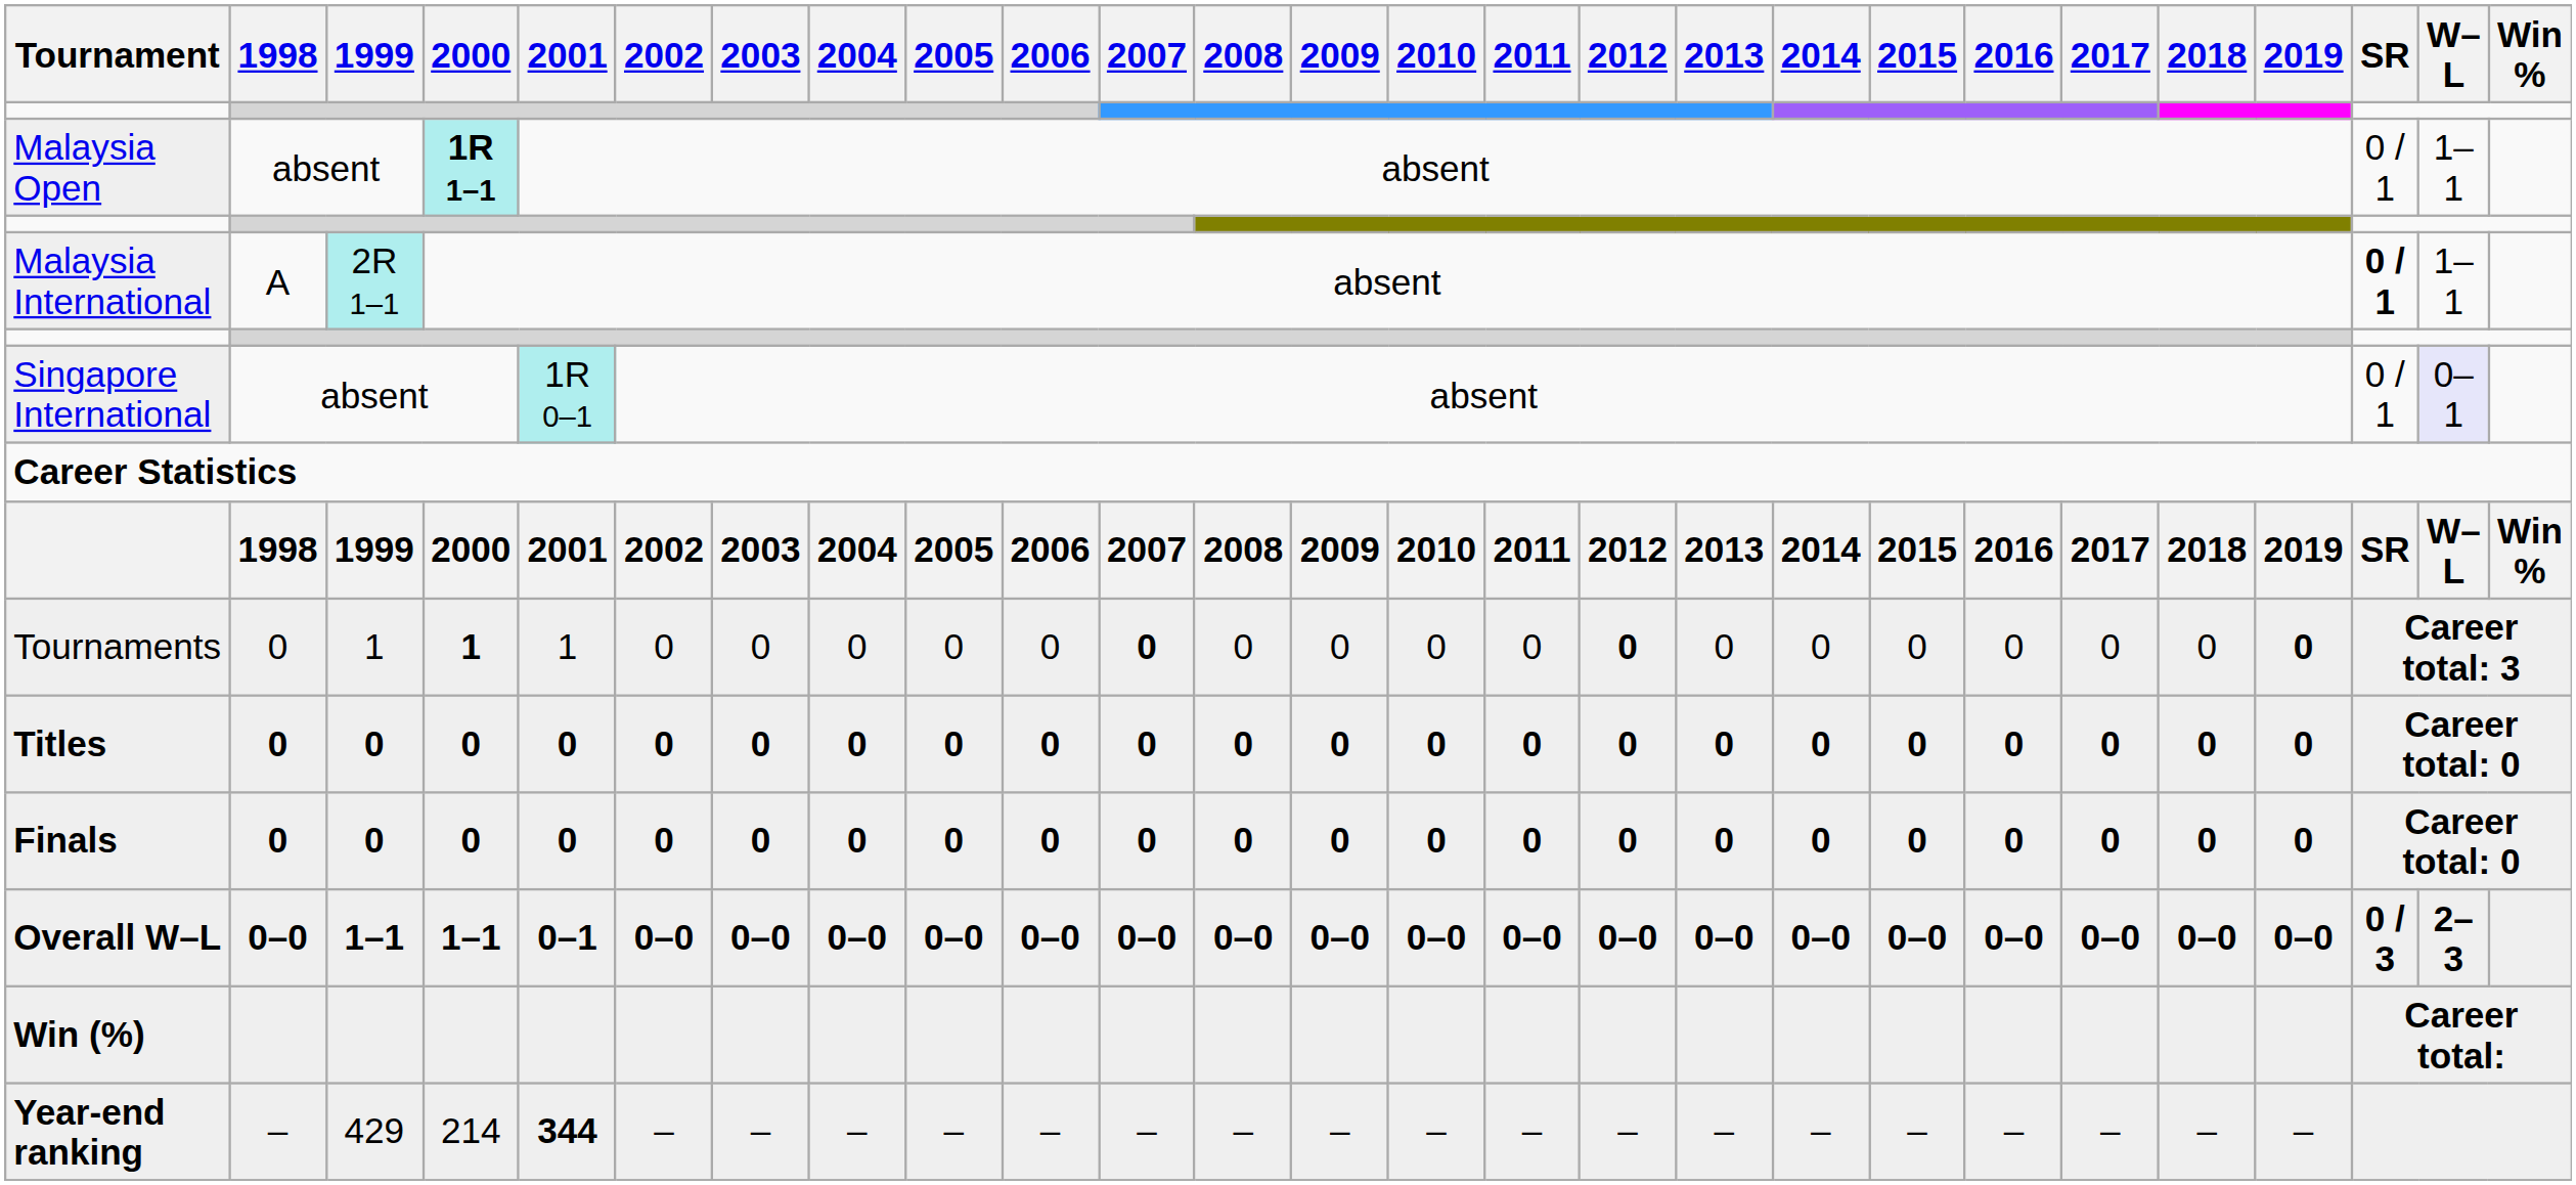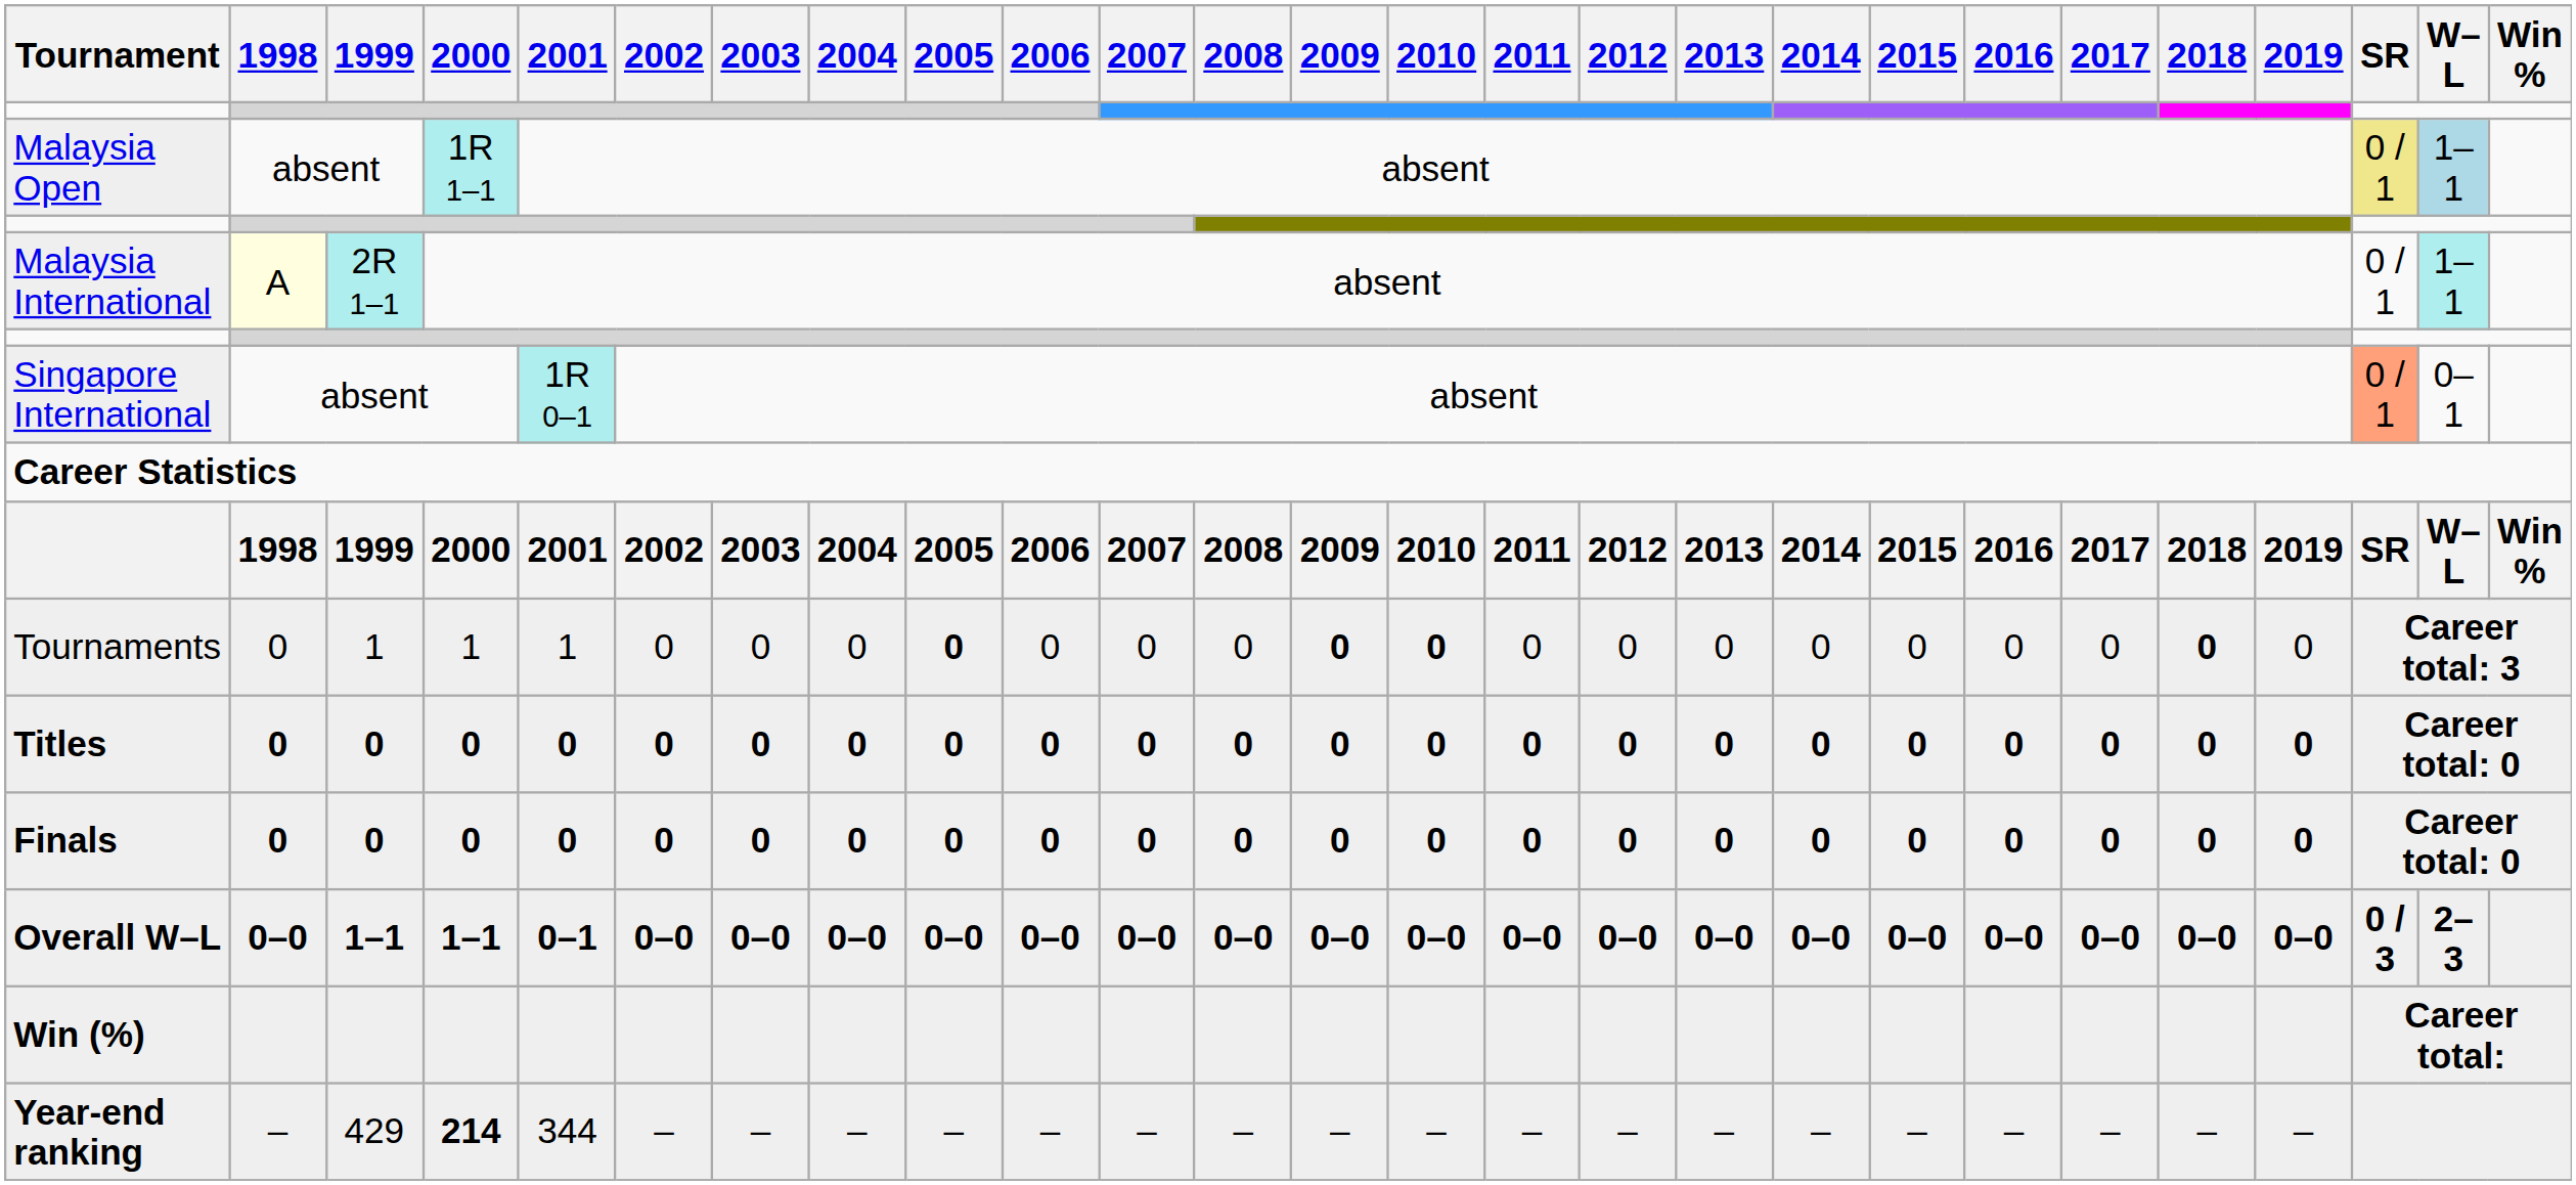 <table class=wikitable style="font-size:95%; text-align:center">
 <tr>
 <th width=20>Tournament</th>
 <th width=7><a href='#'>1998</a></th>
 <th width=5><a href='#'>1999</a></th>
 <th width=5><a href='#'>2000</a></th>
 <th width=5><a href='#'>2001</a></th>
 <th width=5><a href='#'>2002</a></th>
 <th width=5><a href='#'>2003</a></th>
 <th width=5><a href='#'>2004</a></th>
 <th width=5><a href='#'>2005</a></th>
 <th width=5><a href='#'>2006</a></th>
 <th width=5><a href='#'>2007</a></th>
 <th width=5><a href='#'>2008</a></th>
 <th width=5><a href='#'>2009</a></th>
 <th width=5><a href='#'>2010</a></th>
 <th width=5><a href='#'>2011</a></th>
 <th width=5><a href='#'>2012</a></th>
 <th width=5><a href='#'>2013</a></th>
 <th width=5><a href='#'>2014</a></th>
 <th width=5><a href='#'>2015</a></th>
 <th width=5><a href='#'>2016</a></th>
 <th width=5><a href='#'>2017</a></th>
 <th width=5><a href='#'>2018</a></th>
 <th width=5><a href='#'>2019</a></th>
 <th>SR</th>
 <th>W–L</th>
 <th>Win %</th>
 </tr>
 <tr>
 <td></td>
 <td colspan="9" bgcolor=#D5D5D5></td>
 <td colspan="7" bgcolor=#3399ff></td>
 <td colspan="4" bgcolor=#9e5ff9></td>
 <td colspan="2" bgcolor=#FF00FF></td>
 <td colspan="3"></td>
 </tr>
 <tr>
 <td bgcolor=efefef align="left"><a href='#'>Malaysia Open</a></td>
 <td colspan="2">absent</td>
-<td bgcolor=afeeee><strong>1R<br><small>1–1</small></strong></td>
+<td bgcolor=afeeee>1R<br><small>1–1</small></td>
 <td colspan="19">absent</td>
-<td>0 / 1</td>
-<td>1–1</td>
+<td style="background: khaki;">0 / 1</td>
+<td style="background: lightblue;">1–1</td>
 <td></td>
 </tr>
 <tr>
 <td></td>
 <td colspan="10" bgcolor=#D5D5D5></td>
 <td colspan="12" bgcolor=#808000></td>
 <td colspan="3"></td>
 </tr>
 <tr>
 <td bgcolor=efefef align="left"><a href='#'>Malaysia International</a></td>
-<td>A</td>
+<td style="background: lightyellow;">A</td>
 <td bgcolor=afeeee>2R<br><small>1–1</small></td>
 <td colspan="20">absent</td>
-<td><strong>0 / 1</strong></td>
-<td>1–1</td>
+<td>0 / 1</td>
+<td style="background: paleturquoise;">1–1</td>
 <td></td>
 </tr>
 <tr>
 <td></td>
 <td colspan="22" bgcolor=#D5D5D5></td>
 <td colspan="3"></td>
 </tr>
 <tr>
 <td bgcolor=efefef align="left"><a href='#'>Singapore International</a></td>
 <td colspan="3">absent</td>
 <td bgcolor=afeeee>1R<br><small>0–1</small></td>
 <td colspan="18">absent</td>
-<td>0 / 1</td>
-<td style="background: lavender;">0–1</td>
+<td style="background: lightsalmon;">0 / 1</td>
+<td>0–1</td>
 <td></td>
 </tr>
 <tr>
 <td colspan="26" align="left"><strong>Career Statistics</strong></td>
 </tr>
 <tr>
 <th></th>
 <th>1998</th>
 <th>1999</th>
 <th>2000</th>
 <th>2001</th>
 <th>2002</th>
 <th>2003</th>
 <th>2004</th>
 <th>2005</th>
 <th>2006</th>
 <th>2007</th>
 <th>2008</th>
 <th>2009</th>
 <th>2010</th>
 <th>2011</th>
 <th>2012</th>
 <th>2013</th>
 <th>2014</th>
 <th>2015</th>
 <th>2016</th>
 <th>2017</th>
 <th>2018</th>
 <th>2019</th>
 <th>SR</th>
 <th>W–L</th>
 <th>Win %</th>
 </tr>
 <tr style="background:#efefef;">
 <td align=left>Tournaments</td>
 <td>0</td>
 <td>1</td>
-<td><strong>1</strong></td>
 <td>1</td>
+<td>1</td>
+<td>0</td>
+<td>0</td>
+<td>0</td>
+<td><strong>0</strong></td>
+<td>0</td>
+<td>0</td>
+<td>0</td>
+<td><strong>0</strong></td>
+<td><strong>0</strong></td>
+<td>0</td>
+<td>0</td>
 <td>0</td>
 <td>0</td>
 <td>0</td>
 <td>0</td>
 <td>0</td>
 <td><strong>0</strong></td>
 <td>0</td>
-<td>0</td>
-<td>0</td>
-<td>0</td>
-<td><strong>0</strong></td>
-<td>0</td>
-<td>0</td>
-<td>0</td>
-<td>0</td>
-<td>0</td>
-<td>0</td>
-<td><strong>0</strong></td>
 <td colspan="3"><strong>Career total: 3</strong></td>
 </tr>
 <tr style="font-weight:bold; background:#efefef;">
 <td style=text-align:left><strong>Titles</strong></td>
 <td>0</td>
 <td>0</td>
 <td>0</td>
 <td>0</td>
 <td>0</td>
 <td>0</td>
 <td>0</td>
 <td>0</td>
 <td>0</td>
 <td>0</td>
 <td>0</td>
 <td>0</td>
 <td>0</td>
 <td>0</td>
 <td>0</td>
 <td>0</td>
 <td>0</td>
 <td>0</td>
 <td>0</td>
 <td>0</td>
 <td>0</td>
 <td>0</td>
 <td colspan="3">Career total: 0</td>
 </tr>
 <tr style="font-weight:bold; background:#efefef;">
 <td style=text-align:left><strong>Finals</strong></td>
 <td>0</td>
 <td>0</td>
 <td>0</td>
 <td>0</td>
 <td>0</td>
 <td>0</td>
 <td>0</td>
 <td>0</td>
 <td>0</td>
 <td>0</td>
 <td>0</td>
 <td>0</td>
 <td>0</td>
 <td>0</td>
 <td>0</td>
 <td>0</td>
 <td>0</td>
 <td>0</td>
 <td>0</td>
 <td>0</td>
 <td>0</td>
 <td>0</td>
 <td colspan="3">Career total: 0</td>
 </tr>
 <tr style="font-weight:bold; background:#efefef;">
 <td style=text-align:left>Overall W–L</td>
 <td>0–0</td>
 <td>1–1</td>
 <td>1–1</td>
 <td>0–1</td>
 <td>0–0</td>
 <td>0–0</td>
 <td>0–0</td>
 <td>0–0</td>
 <td>0–0</td>
 <td>0–0</td>
 <td>0–0</td>
 <td>0–0</td>
 <td>0–0</td>
 <td>0–0</td>
 <td>0–0</td>
 <td>0–0</td>
 <td>0–0</td>
 <td>0–0</td>
 <td>0–0</td>
 <td>0–0</td>
 <td>0–0</td>
 <td>0–0</td>
 <td>0 / 3</td>
 <td>2–3</td>
 <td></td>
 </tr>
 <tr style="font-weight:bold; background:#efefef;">
 <td style=text-align:left>Win (%)</td>
 <td></td>
 <td></td>
 <td></td>
 <td></td>
 <td></td>
 <td></td>
 <td></td>
 <td></td>
 <td></td>
 <td></td>
 <td></td>
 <td></td>
 <td></td>
 <td></td>
 <td></td>
 <td></td>
 <td></td>
 <td></td>
 <td></td>
 <td></td>
 <td></td>
 <td></td>
 <td colspan=3>Career total: </td>
 </tr>
 <tr style="background:#efefef;">
 <td align=left><strong>Year-end ranking</strong></td>
 <td>–</td>
 <td>429</td>
-<td>214</td>
-<td><strong>344</strong></td>
+<td><strong>214</strong></td>
+<td>344</td>
 <td>–</td>
 <td>–</td>
 <td>–</td>
 <td>–</td>
 <td>–</td>
 <td>–</td>
 <td>–</td>
 <td>–</td>
 <td>–</td>
 <td>–</td>
 <td>–</td>
 <td>–</td>
 <td>–</td>
 <td>–</td>
 <td>–</td>
 <td>–</td>
 <td>–</td>
 <td>–</td>
 <td colspan=3></td>
 </tr>
 </table>
